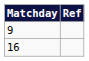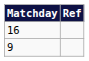 <table class=wikitable>
 <tr>
 <th style="background:#0E1145; color:#FFFFFF;">Matchday</th>
 <th style="background:#0E1145; color:#FFFFFF;">Ref</th>
 </tr>
 <tr>
+<td>16</td>
+<td align=center></td>
+</tr>
+<tr>
 <td>9</td>
 <td align=center></td>
 </tr>
-<tr>
-<td>16</td>
-<td align=center></td>
-</tr>
 </table>
